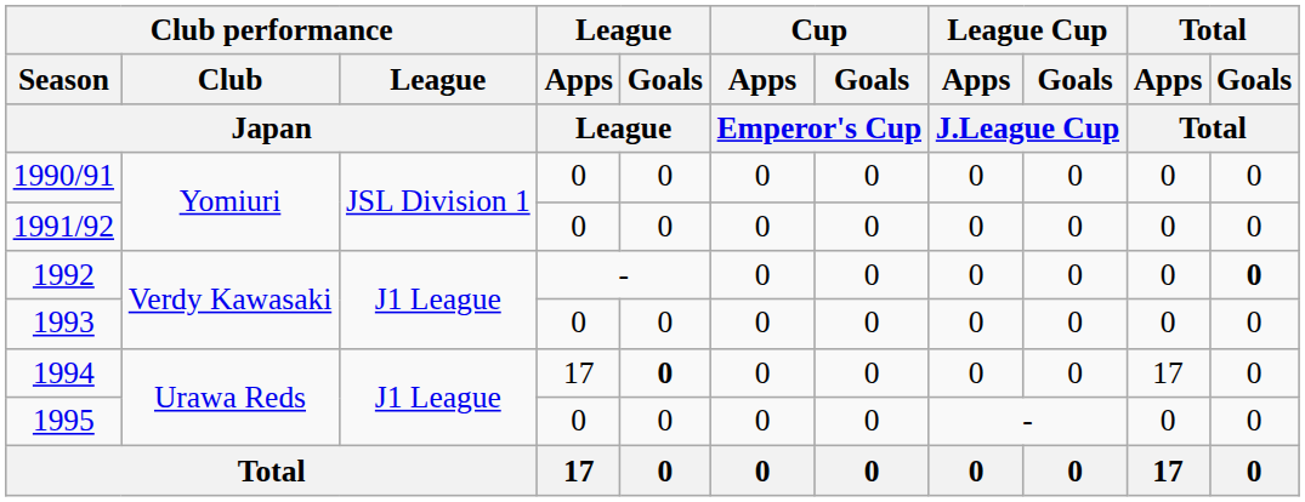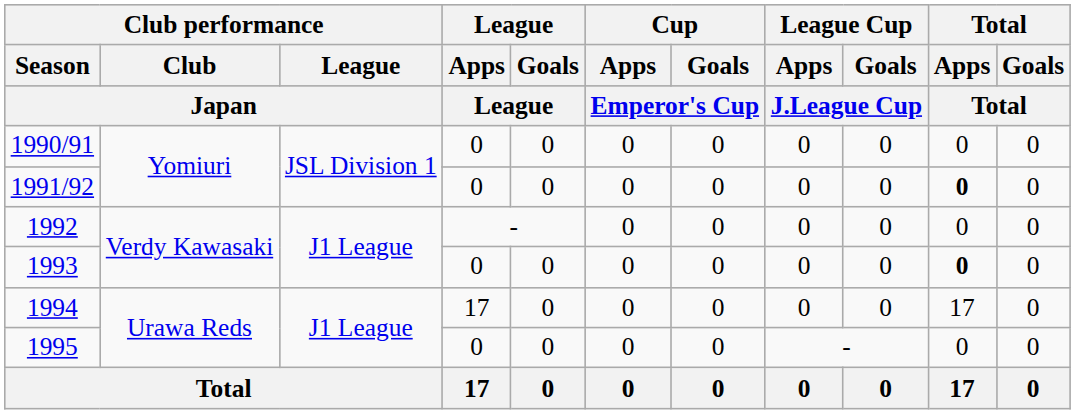 <table class="wikitable" style="text-align:center;">
 <tr>
 <th colspan=3>Club performance</th>
 <th colspan=2>League</th>
 <th colspan=2>Cup</th>
 <th colspan=2>League Cup</th>
 <th colspan=2>Total</th>
 </tr>
 <tr>
 <th>Season</th>
 <th>Club</th>
 <th>League</th>
 <th>Apps</th>
 <th>Goals</th>
 <th>Apps</th>
 <th>Goals</th>
 <th>Apps</th>
 <th>Goals</th>
 <th>Apps</th>
 <th>Goals</th>
 </tr>
 <tr>
 <th colspan=3>Japan</th>
 <th colspan=2>League</th>
 <th colspan=2><a href='#'>Emperor's Cup</a></th>
 <th colspan=2><a href='#'>J.League Cup</a></th>
 <th colspan=2>Total</th>
 </tr>
 <tr>
 <td><a href='#'>1990/91</a></td>
 <td rowspan="2"><a href='#'>Yomiuri</a></td>
 <td rowspan="2"><a href='#'>JSL Division 1</a></td>
 <td>0</td>
 <td>0</td>
 <td>0</td>
 <td>0</td>
 <td>0</td>
 <td>0</td>
 <td>0</td>
 <td>0</td>
 </tr>
 <tr>
 <td><a href='#'>1991/92</a></td>
 <td>0</td>
 <td>0</td>
 <td>0</td>
 <td>0</td>
 <td>0</td>
 <td>0</td>
-<td>0</td>
+<td><strong>0</strong></td>
 <td>0</td>
 </tr>
 <tr>
 <td><a href='#'>1992</a></td>
 <td rowspan="2"><a href='#'>Verdy Kawasaki</a></td>
 <td rowspan="2"><a href='#'>J1 League</a></td>
 <td colspan="2">-</td>
 <td>0</td>
 <td>0</td>
 <td>0</td>
 <td>0</td>
 <td>0</td>
-<td><strong>0</strong></td>
+<td>0</td>
 </tr>
 <tr>
 <td><a href='#'>1993</a></td>
 <td>0</td>
 <td>0</td>
 <td>0</td>
 <td>0</td>
 <td>0</td>
 <td>0</td>
-<td>0</td>
+<td><strong>0</strong></td>
 <td>0</td>
 </tr>
 <tr>
 <td><a href='#'>1994</a></td>
 <td rowspan="2"><a href='#'>Urawa Reds</a></td>
 <td rowspan="2"><a href='#'>J1 League</a></td>
 <td>17</td>
-<td><strong>0</strong></td>
+<td>0</td>
 <td>0</td>
 <td>0</td>
 <td>0</td>
 <td>0</td>
 <td>17</td>
 <td>0</td>
 </tr>
 <tr>
 <td><a href='#'>1995</a></td>
 <td>0</td>
 <td>0</td>
 <td>0</td>
 <td>0</td>
 <td colspan="2">-</td>
 <td>0</td>
 <td>0</td>
 </tr>
 <tr>
 <th colspan=3>Total</th>
 <th>17</th>
 <th>0</th>
 <th>0</th>
 <th>0</th>
 <th>0</th>
 <th>0</th>
 <th>17</th>
 <th>0</th>
 </tr>
 </table>
